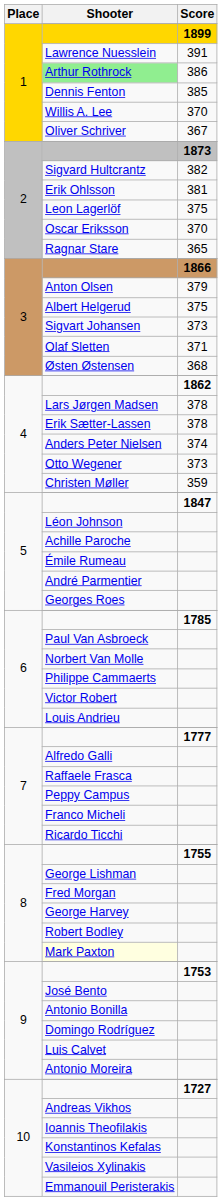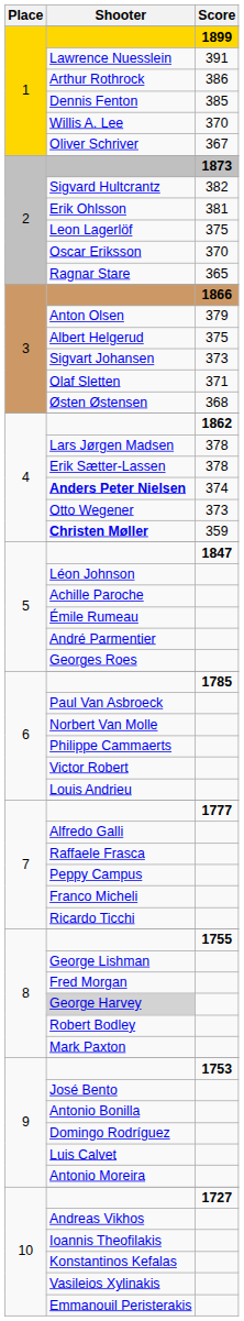 <table class=wikitable style="text-align:center">
 <tr>
 <th>Place</th>
 <th>Shooter</th>
 <th>Score</th>
 </tr>
 <tr>
 <td rowspan=7 align=center bgcolor=gold>1</td>
 </tr>
 <tr>
 <td align=left bgcolor=gold></td>
 <td bgcolor=gold><strong>1899</strong></td>
 </tr>
 <tr>
 <td align=left><a href='#'>Lawrence Nuesslein</a></td>
 <td>391</td>
 </tr>
 <tr>
-<td align=left style="background: lightgreen;"><a href='#'>Arthur Rothrock</a></td>
+<td align=left><a href='#'>Arthur Rothrock</a></td>
 <td>386</td>
 </tr>
 <tr>
 <td align=left><a href='#'>Dennis Fenton</a></td>
 <td>385</td>
 </tr>
 <tr>
 <td align=left><a href='#'>Willis A. Lee</a></td>
 <td>370</td>
 </tr>
 <tr>
 <td align=left><a href='#'>Oliver Schriver</a></td>
 <td>367</td>
 </tr>
 <tr>
 <td rowspan=7 align=center bgcolor=silver>2</td>
 </tr>
 <tr>
 <td align=left bgcolor=silver></td>
 <td bgcolor=silver><strong>1873</strong></td>
 </tr>
 <tr>
 <td align=left><a href='#'>Sigvard Hultcrantz</a></td>
 <td>382</td>
 </tr>
 <tr>
 <td align=left><a href='#'>Erik Ohlsson</a></td>
 <td>381</td>
 </tr>
 <tr>
 <td align=left><a href='#'>Leon Lagerlöf</a></td>
 <td>375</td>
 </tr>
 <tr>
 <td align=left><a href='#'>Oscar Eriksson</a></td>
 <td>370</td>
 </tr>
 <tr>
 <td align=left><a href='#'>Ragnar Stare</a></td>
 <td>365</td>
 </tr>
 <tr>
 <td rowspan=7 align=center bgcolor=cc9966>3</td>
 </tr>
 <tr>
 <td align=left bgcolor=cc9966></td>
 <td bgcolor=cc9966><strong>1866</strong></td>
 </tr>
 <tr>
 <td align=left><a href='#'>Anton Olsen</a></td>
 <td>379</td>
 </tr>
 <tr>
 <td align=left><a href='#'>Albert Helgerud</a></td>
 <td>375</td>
 </tr>
 <tr>
 <td align=left><a href='#'>Sigvart Johansen</a></td>
 <td>373</td>
 </tr>
 <tr>
 <td align=left><a href='#'>Olaf Sletten</a></td>
 <td>371</td>
 </tr>
 <tr>
 <td align=left><a href='#'>Østen Østensen</a></td>
 <td>368</td>
 </tr>
 <tr>
 <td rowspan=7>4</td>
 </tr>
 <tr>
 <td align=left></td>
 <td><strong>1862</strong></td>
 </tr>
 <tr>
 <td align=left><a href='#'>Lars Jørgen Madsen</a></td>
 <td>378</td>
 </tr>
 <tr>
 <td align=left><a href='#'>Erik Sætter-Lassen</a></td>
 <td>378</td>
 </tr>
 <tr>
-<td align=left><a href='#'>Anders Peter Nielsen</a></td>
+<td align=left><strong><a href='#'>Anders Peter Nielsen</a></strong></td>
 <td>374</td>
 </tr>
 <tr>
 <td align=left><a href='#'>Otto Wegener</a></td>
 <td>373</td>
 </tr>
 <tr>
-<td align=left><a href='#'>Christen Møller</a></td>
+<td align=left><strong><a href='#'>Christen Møller</a></strong></td>
 <td>359</td>
 </tr>
 <tr>
 <td rowspan=7>5</td>
 </tr>
 <tr>
 <td align=left></td>
 <td><strong>1847</strong></td>
 </tr>
 <tr>
 <td align=left><a href='#'>Léon Johnson</a></td>
 <td></td>
 </tr>
 <tr>
 <td align=left><a href='#'>Achille Paroche</a></td>
 <td></td>
 </tr>
 <tr>
 <td align=left><a href='#'>Émile Rumeau</a></td>
 <td></td>
 </tr>
 <tr>
 <td align=left><a href='#'>André Parmentier</a></td>
 <td></td>
 </tr>
 <tr>
 <td align=left><a href='#'>Georges Roes</a></td>
 <td></td>
 </tr>
 <tr>
 <td rowspan=7>6</td>
 </tr>
 <tr>
 <td align=left></td>
 <td><strong>1785</strong></td>
 </tr>
 <tr>
 <td align=left><a href='#'>Paul Van Asbroeck</a></td>
 <td></td>
 </tr>
 <tr>
 <td align=left><a href='#'>Norbert Van Molle</a></td>
 <td></td>
 </tr>
 <tr>
 <td align=left><a href='#'>Philippe Cammaerts</a></td>
 <td></td>
 </tr>
 <tr>
 <td align=left><a href='#'>Victor Robert</a></td>
 <td></td>
 </tr>
 <tr>
 <td align=left><a href='#'>Louis Andrieu</a></td>
 <td></td>
 </tr>
 <tr>
 <td rowspan=7>7</td>
 </tr>
 <tr>
 <td align=left></td>
 <td><strong>1777</strong></td>
 </tr>
 <tr>
 <td align=left><a href='#'>Alfredo Galli</a></td>
 <td></td>
 </tr>
 <tr>
 <td align=left><a href='#'>Raffaele Frasca</a></td>
 <td></td>
 </tr>
 <tr>
 <td align=left><a href='#'>Peppy Campus</a></td>
 <td></td>
 </tr>
 <tr>
 <td align=left><a href='#'>Franco Micheli</a></td>
 <td></td>
 </tr>
 <tr>
 <td align=left><a href='#'>Ricardo Ticchi</a></td>
 <td></td>
 </tr>
 <tr>
 <td rowspan=7>8</td>
 </tr>
 <tr>
 <td align=left></td>
 <td><strong>1755</strong></td>
 </tr>
 <tr>
 <td align=left><a href='#'>George Lishman</a></td>
 <td></td>
 </tr>
 <tr>
 <td align=left><a href='#'>Fred Morgan</a></td>
 <td></td>
 </tr>
 <tr>
-<td align=left><a href='#'>George Harvey</a></td>
+<td align=left style="background: lightgrey;"><a href='#'>George Harvey</a></td>
 <td></td>
 </tr>
 <tr>
 <td align=left><a href='#'>Robert Bodley</a></td>
 <td></td>
 </tr>
 <tr>
-<td align=left style="background: lightyellow;"><a href='#'>Mark Paxton</a></td>
+<td align=left><a href='#'>Mark Paxton</a></td>
 <td></td>
 </tr>
 <tr>
 <td rowspan=7>9</td>
 </tr>
 <tr>
 <td align=left></td>
 <td><strong>1753</strong></td>
 </tr>
 <tr>
 <td align=left><a href='#'>José Bento</a></td>
 <td></td>
 </tr>
 <tr>
 <td align=left><a href='#'>Antonio Bonilla</a></td>
 <td></td>
 </tr>
 <tr>
 <td align=left><a href='#'>Domingo Rodríguez</a></td>
 <td></td>
 </tr>
 <tr>
 <td align=left><a href='#'>Luis Calvet</a></td>
 <td></td>
 </tr>
 <tr>
 <td align=left><a href='#'>Antonio Moreira</a></td>
 <td></td>
 </tr>
 <tr>
 <td rowspan=7>10</td>
 </tr>
 <tr>
 <td align=left></td>
 <td><strong>1727</strong></td>
 </tr>
 <tr>
 <td align=left><a href='#'>Andreas Vikhos</a></td>
 <td></td>
 </tr>
 <tr>
 <td align=left><a href='#'>Ioannis Theofilakis</a></td>
 <td></td>
 </tr>
 <tr>
 <td align=left><a href='#'>Konstantinos Kefalas</a></td>
 <td></td>
 </tr>
 <tr>
 <td align=left><a href='#'>Vasileios Xylinakis</a></td>
 <td></td>
 </tr>
 <tr>
 <td align=left><a href='#'>Emmanouil Peristerakis</a></td>
 <td></td>
 </tr>
 </table>
